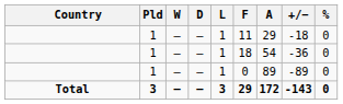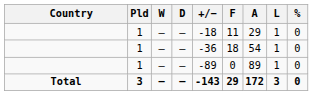 <table class="wikitable" style="text-align:center">
 <tr>
 <th width="150">　Country</th>
 <th width="20">Pld</th>
 <th width="20">W</th>
 <th width="20">D</th>
-<th width="20">L</th>
+<th width="25">+/−</th>
 <th width="20">F</th>
 <th width="20">A</th>
-<th width="25">+/−</th>
+<th width="20">L</th>
 <th width="20">%</th>
 </tr>
 <tr>
 <td align=left></td>
 <td>1</td>
 <td>—</td>
 <td>—</td>
-<td>1</td>
+<td>-18</td>
 <td>11</td>
 <td>29</td>
-<td>-18</td>
+<td>1</td>
 <td>0</td>
 </tr>
 <tr>
 <td align=left></td>
 <td>1</td>
 <td>—</td>
 <td>—</td>
-<td>1</td>
+<td>-36</td>
 <td>18</td>
 <td>54</td>
-<td>-36</td>
+<td>1</td>
 <td>0</td>
 </tr>
 <tr>
 <td align=left></td>
 <td>1</td>
 <td>—</td>
 <td>—</td>
-<td>1</td>
+<td>-89</td>
 <td>0</td>
 <td>89</td>
-<td>-89</td>
+<td>1</td>
 <td>0</td>
 </tr>
 <tr>
 <td><strong>Total</strong></td>
 <td><strong>3</strong></td>
 <td><strong>—</strong></td>
 <td><strong>—</strong></td>
-<td><strong>3</strong></td>
+<td><strong>-143</strong></td>
 <td><strong>29</strong></td>
 <td><strong>172</strong></td>
-<td><strong>-143</strong></td>
+<td><strong>3</strong></td>
 <td><strong>0</strong></td>
 </tr>
 </table>
